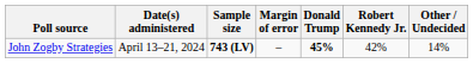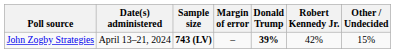 <table class="wikitable sortable mw-datatable" style="font-size:90%;text-align:center;line-height:17px">
 <tr style="vertical-align:bottom">
 <th>Poll source</th>
 <th>Date(s)<br>administered</th>
 <th>Sample<br>size</th>
 <th>Margin<br>of error</th>
 <th class="unsortable">Donald<br>Trump<br></th>
 <th class="unsortable">Robert<br>Kennedy Jr.<br></th>
 <th class="unsortable">Other /<br>Undecided</th>
 </tr>
 <tr>
 <td style="text-align:left;"><a href='#'>John Zogby Strategies</a></td>
 <td data-sort-value="2024-05-01">April 13–21, 2024</td>
 <td><strong>743 (LV)</strong></td>
 <td>–</td>
-<td style="background-color:"><strong>45%</strong></td>
+<td style="background-color:"><strong>39%</strong></td>
 <td>42%</td>
-<td>14%</td>
+<td>15%</td>
 </tr>
 </table>
